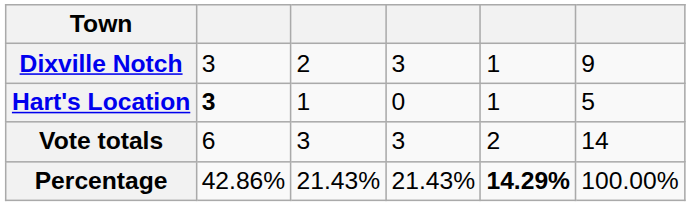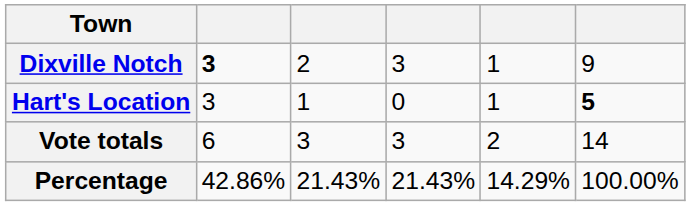 <table class="wikitable sortable" style=margin:auto;margin:auto>
 <tr valign=bottom>
 <th>Town</th>
 <th></th>
 <th></th>
 <th></th>
 <th></th>
 <th></th>
 </tr>
 <tr>
 <th><a href='#'>Dixville Notch</a></th>
-<td>3</td>
+<td><strong>3</strong></td>
 <td>2</td>
 <td>3</td>
 <td>1</td>
 <td>9</td>
 </tr>
 <tr>
 <th><a href='#'>Hart's Location</a></th>
-<td><strong>3</strong></td>
+<td>3</td>
 <td>1</td>
 <td>0</td>
 <td>1</td>
-<td>5</td>
+<td><strong>5</strong></td>
 </tr>
 <tr>
 <th>Vote totals</th>
 <td>6</td>
 <td>3</td>
 <td>3</td>
 <td>2</td>
 <td>14</td>
 </tr>
 <tr>
 <th>Percentage</th>
 <td>42.86%</td>
 <td>21.43%</td>
 <td>21.43%</td>
-<td><strong>14.29%</strong></td>
+<td>14.29%</td>
 <td>100.00%</td>
 </tr>
 </table>
